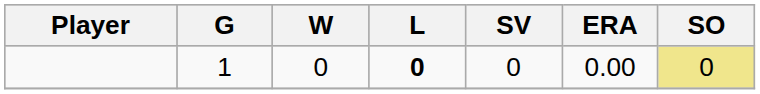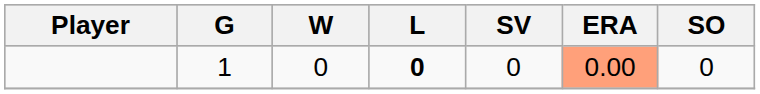 <table class="wikitable sortable">
 <tr>
 <th bgcolor="#DDDDFF" width="16%">Player</th>
 <th bgcolor="#DDDDFF" width="9%">G</th>
 <th bgcolor="#DDDDFF" width="9%">W</th>
 <th bgcolor="#DDDDFF" width="9%">L</th>
 <th bgcolor="#DDDDFF" width="9%">SV</th>
 <th bgcolor="#DDDDFF" width="9%">ERA</th>
 <th bgcolor="#DDDDFF" width="9%">SO</th>
 </tr>
 <tr align="center">
 <td></td>
 <td>1</td>
 <td>0</td>
 <td><strong>0</strong></td>
 <td>0</td>
-<td>0.00</td>
-<td style="background: khaki;">0</td>
+<td style="background: lightsalmon;">0.00</td>
+<td>0</td>
 </tr>
 <tr align="center">
 </tr>
 </table>
